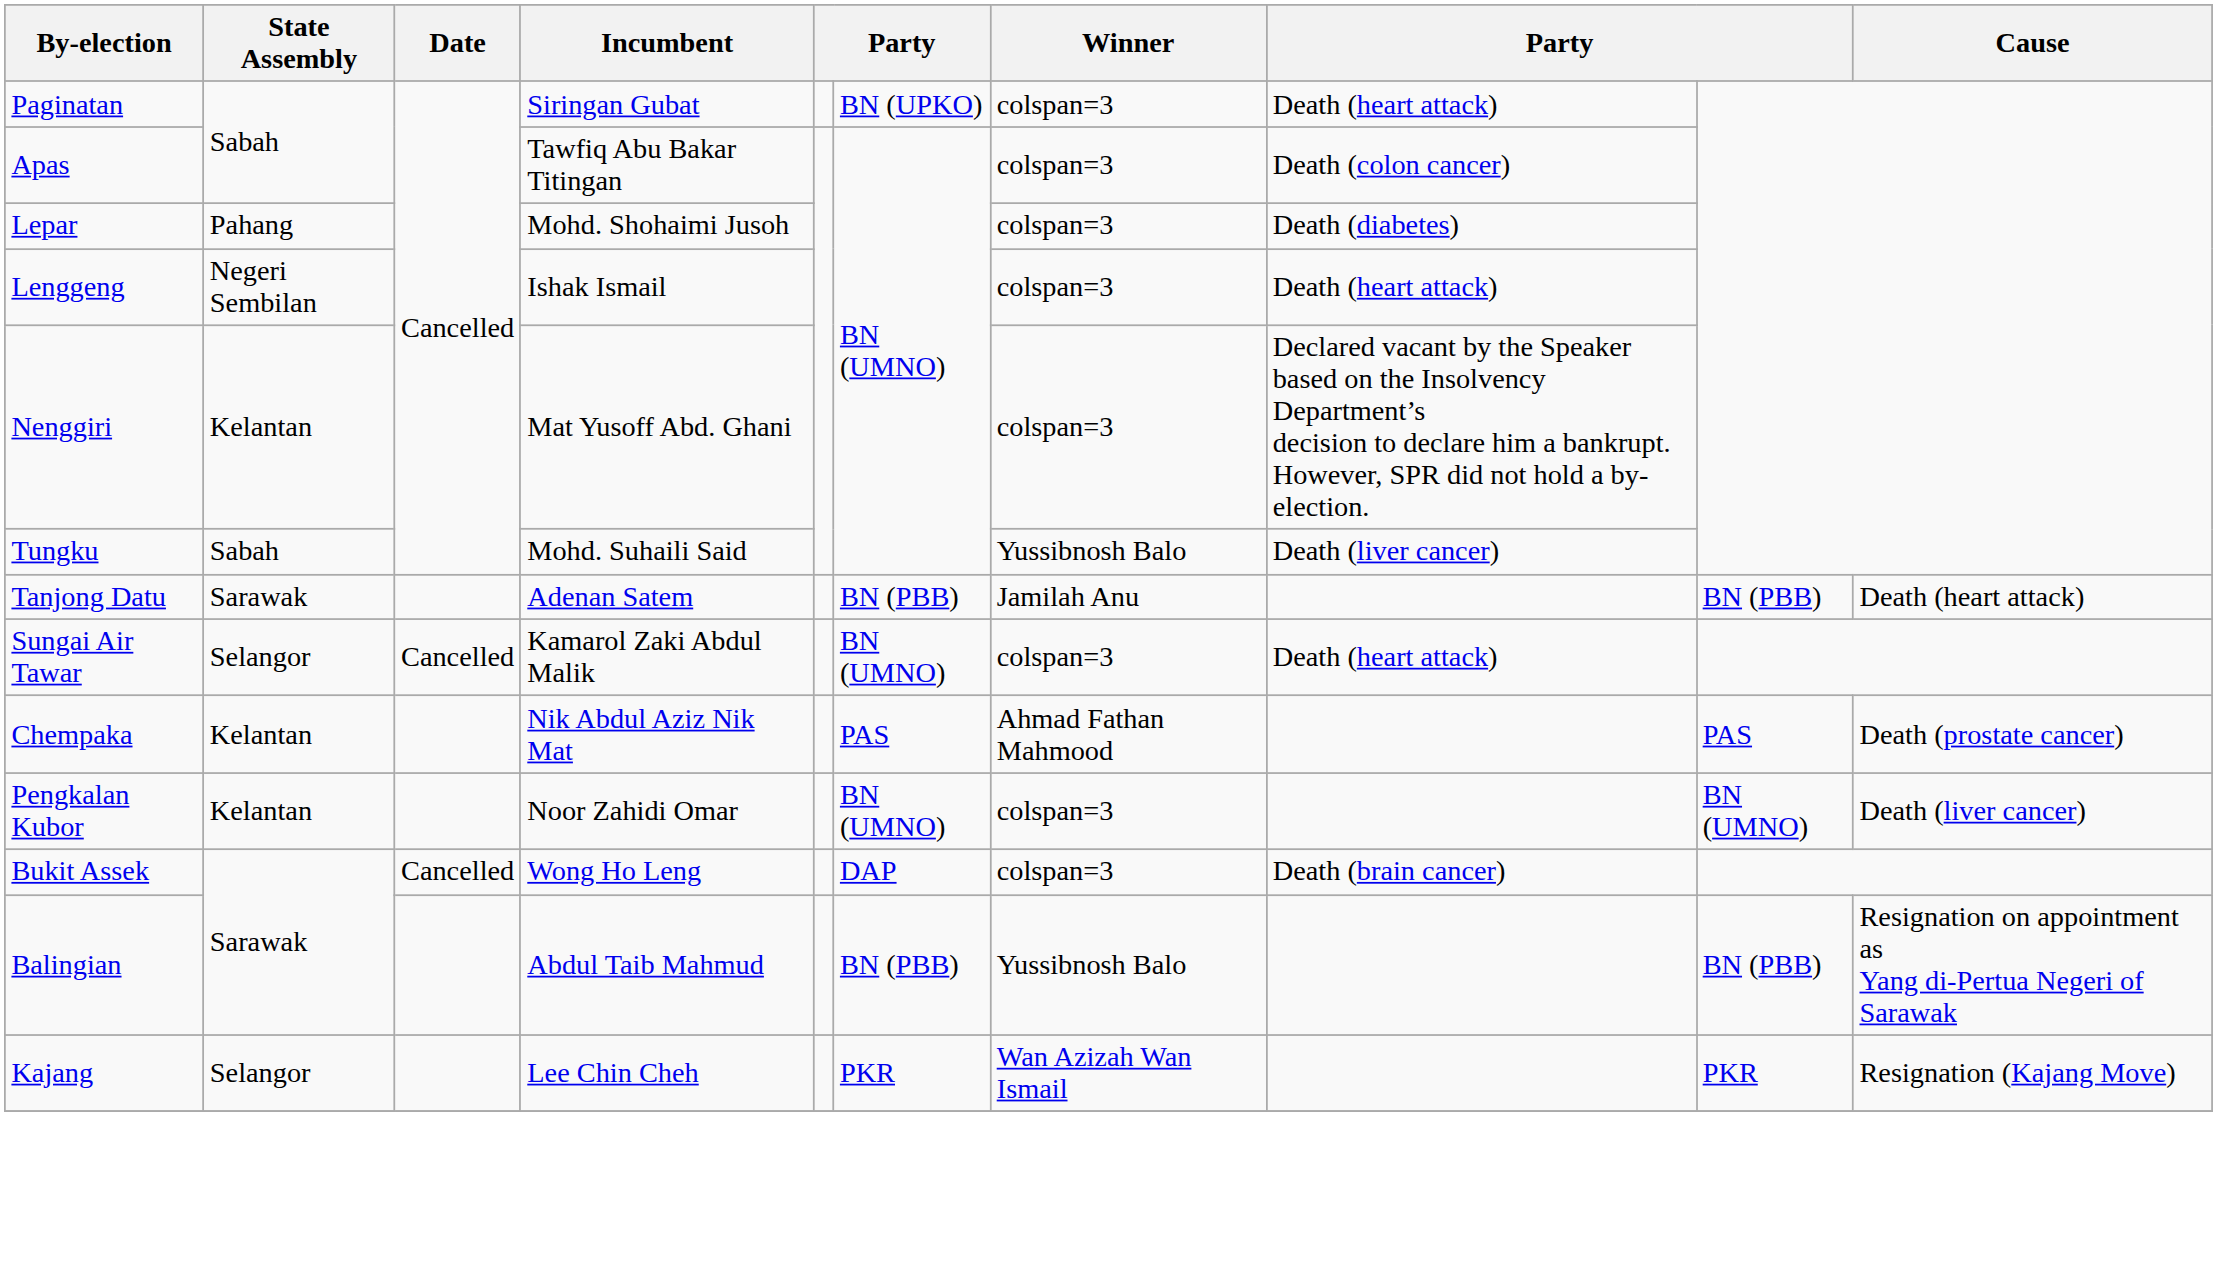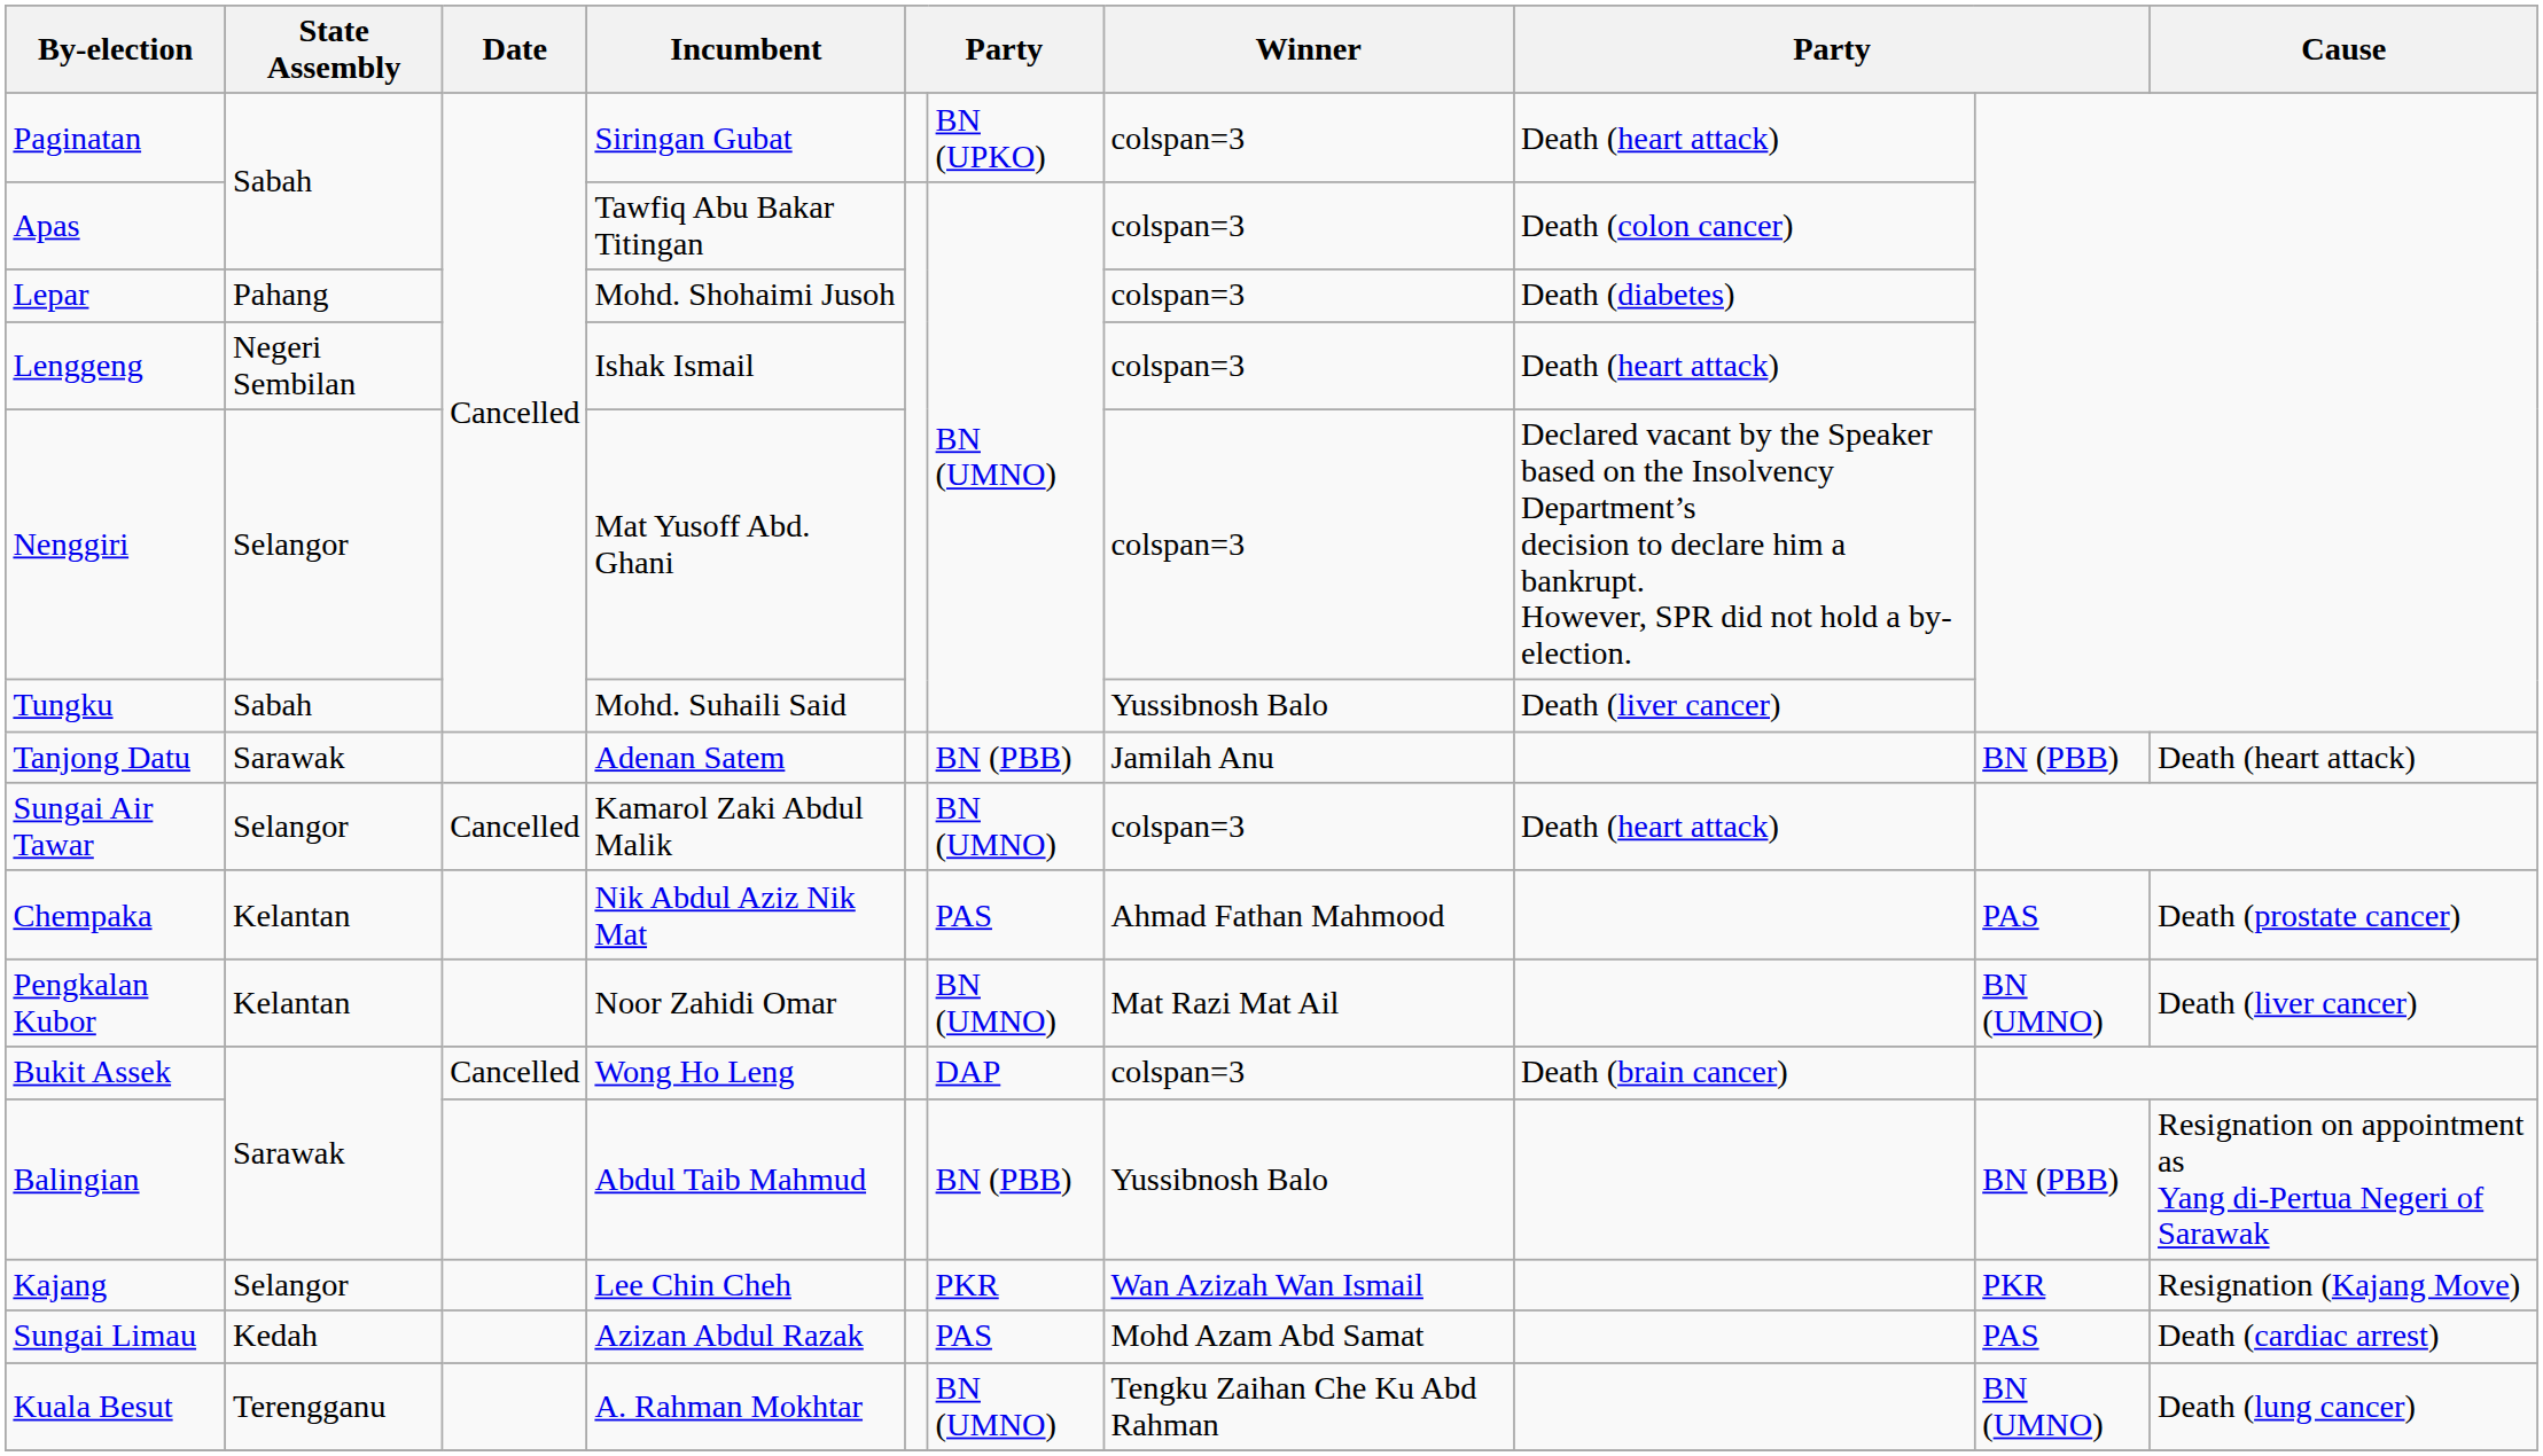 <table class="wikitable">
 <tr>
 <th>By-election</th>
 <th>State Assembly</th>
 <th>Date</th>
 <th>Incumbent</th>
 <th colspan=2>Party</th>
 <th>Winner</th>
 <th colspan=2>Party</th>
 <th>Cause</th>
 </tr>
 <tr>
 <td><a href='#'>Paginatan</a></td>
 <td rowspan="2">Sabah</td>
 <td rowspan="6">Cancelled</td>
 <td><a href='#'>Siringan Gubat</a></td>
 <td> </td>
 <td><a href='#'>BN</a> (<a href='#'>UPKO</a>)</td>
 <td>colspan=3 </td>
 <td>Death (<a href='#'>heart attack</a>)</td>
 </tr>
 <tr>
 <td><a href='#'>Apas</a></td>
 <td>Tawfiq Abu Bakar Titingan</td>
 <td rowspan="5" > </td>
 <td rowspan="5"><a href='#'>BN</a> (<a href='#'>UMNO</a>)</td>
 <td>colspan=3 </td>
 <td>Death (<a href='#'>colon cancer</a>)</td>
 </tr>
 <tr>
 <td><a href='#'>Lepar</a></td>
 <td>Pahang</td>
 <td>Mohd. Shohaimi Jusoh</td>
 <td>colspan=3 </td>
 <td>Death (<a href='#'>diabetes</a>)</td>
 </tr>
 <tr>
 <td><a href='#'>Lenggeng</a></td>
 <td>Negeri Sembilan</td>
 <td>Ishak Ismail</td>
 <td>colspan=3 </td>
 <td>Death (<a href='#'>heart attack</a>)</td>
 </tr>
 <tr>
 <td><a href='#'>Nenggiri</a></td>
-<td>Kelantan</td>
+<td>Selangor</td>
 <td>Mat Yusoff Abd. Ghani</td>
 <td>colspan=3 </td>
 <td>Declared vacant by the Speaker<br> based on the Insolvency Department’s<br> decision to declare him a bankrupt.<br> However, SPR did not hold a by-election.</td>
 </tr>
 <tr>
 <td><a href='#'>Tungku</a></td>
 <td>Sabah</td>
 <td>Mohd. Suhaili Said</td>
 <td>Yussibnosh Balo</td>
 <td>Death (<a href='#'>liver cancer</a>)</td>
 </tr>
 <tr>
 <td><a href='#'>Tanjong Datu</a></td>
 <td>Sarawak</td>
 <td></td>
 <td><a href='#'>Adenan Satem</a></td>
 <td> </td>
 <td><a href='#'>BN</a> (<a href='#'>PBB</a>)</td>
 <td>Jamilah Anu</td>
 <td> </td>
 <td><a href='#'>BN</a> (<a href='#'>PBB</a>)</td>
 <td>Death (heart attack)</td>
 </tr>
 <tr>
 <td><a href='#'>Sungai Air Tawar</a></td>
 <td>Selangor</td>
 <td>Cancelled</td>
 <td>Kamarol Zaki Abdul Malik</td>
 <td> </td>
 <td><a href='#'>BN</a> (<a href='#'>UMNO</a>)</td>
 <td>colspan=3 </td>
 <td>Death (<a href='#'>heart attack</a>)</td>
 </tr>
 <tr>
 <td><a href='#'>Chempaka</a></td>
 <td>Kelantan</td>
 <td></td>
 <td><a href='#'>Nik Abdul Aziz Nik Mat</a></td>
 <td> </td>
 <td><a href='#'>PAS</a></td>
 <td>Ahmad Fathan Mahmood</td>
 <td> </td>
 <td><a href='#'>PAS</a></td>
 <td>Death (<a href='#'>prostate cancer</a>)</td>
 </tr>
 <tr>
 <td><a href='#'>Pengkalan Kubor</a></td>
 <td>Kelantan</td>
 <td></td>
 <td>Noor Zahidi Omar</td>
 <td> </td>
 <td><a href='#'>BN</a> (<a href='#'>UMNO</a>)</td>
-<td>colspan=3 </td>
+<td>Mat Razi Mat Ail</td>
 <td> </td>
 <td><a href='#'>BN</a> (<a href='#'>UMNO</a>)</td>
 <td>Death (<a href='#'>liver cancer</a>)</td>
 </tr>
 <tr>
 <td><a href='#'>Bukit Assek</a></td>
 <td rowspan="2">Sarawak</td>
 <td>Cancelled</td>
 <td><a href='#'>Wong Ho Leng</a></td>
 <td> </td>
 <td><a href='#'>DAP</a></td>
 <td>colspan=3 </td>
 <td>Death (<a href='#'>brain cancer</a>)</td>
 </tr>
 <tr>
 <td><a href='#'>Balingian</a></td>
 <td></td>
 <td><a href='#'>Abdul Taib Mahmud</a></td>
 <td> </td>
 <td><a href='#'>BN</a> (<a href='#'>PBB</a>)</td>
 <td>Yussibnosh Balo</td>
 <td> </td>
 <td><a href='#'>BN</a> (<a href='#'>PBB</a>)</td>
 <td>Resignation on appointment as<br> <a href='#'>Yang di-Pertua Negeri of Sarawak</a></td>
 </tr>
 <tr>
 <td><a href='#'>Kajang</a></td>
 <td>Selangor</td>
 <td></td>
 <td><a href='#'>Lee Chin Cheh</a></td>
 <td> </td>
 <td><a href='#'>PKR</a></td>
 <td><a href='#'>Wan Azizah Wan Ismail</a></td>
 <td> </td>
 <td><a href='#'>PKR</a></td>
 <td>Resignation (<a href='#'>Kajang Move</a>)</td>
 </tr>
 <tr>
+<td><a href='#'>Sungai Limau</a></td>
+<td>Kedah</td>
+<td></td>
+<td><a href='#'>Azizan Abdul Razak</a></td>
+<td> </td>
+<td><a href='#'>PAS</a></td>
+<td>Mohd Azam Abd Samat</td>
+<td> </td>
+<td><a href='#'>PAS</a></td>
+<td>Death (<a href='#'>cardiac arrest</a>)</td>
+</tr>
+<tr>
+<td><a href='#'>Kuala Besut</a></td>
+<td>Terengganu</td>
+<td></td>
+<td><a href='#'>A. Rahman Mokhtar</a></td>
+<td> </td>
+<td><a href='#'>BN</a> (<a href='#'>UMNO</a>)</td>
+<td>Tengku Zaihan Che Ku Abd Rahman</td>
+<td> </td>
+<td><a href='#'>BN</a> (<a href='#'>UMNO</a>)</td>
+<td>Death (<a href='#'>lung cancer</a>)</td>
+</tr>
+<tr>
 </tr>
 </table>
